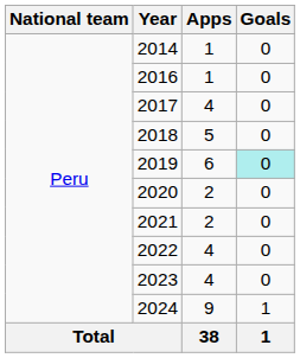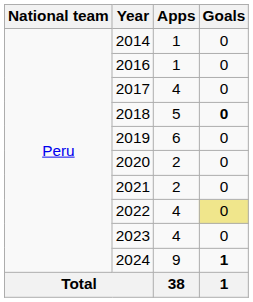 <table class="wikitable" style="text-align:center">
 <tr>
 <th>National team</th>
 <th>Year</th>
 <th>Apps</th>
 <th>Goals</th>
 </tr>
 <tr>
 <td rowspan="10"><a href='#'>Peru</a></td>
 <td>2014</td>
 <td>1</td>
 <td>0</td>
 </tr>
 <tr>
 <td>2016</td>
 <td>1</td>
 <td>0</td>
 </tr>
 <tr>
 <td>2017</td>
 <td>4</td>
 <td>0</td>
 </tr>
 <tr>
 <td>2018</td>
 <td>5</td>
-<td>0</td>
+<td><strong>0</strong></td>
 </tr>
 <tr>
 <td>2019</td>
 <td>6</td>
-<td style="background: paleturquoise;">0</td>
+<td>0</td>
 </tr>
 <tr>
 <td>2020</td>
 <td>2</td>
 <td>0</td>
 </tr>
 <tr>
 <td>2021</td>
 <td>2</td>
 <td>0</td>
 </tr>
 <tr>
 <td>2022</td>
 <td>4</td>
-<td>0</td>
+<td style="background: khaki;">0</td>
 </tr>
 <tr>
 <td>2023</td>
 <td>4</td>
 <td>0</td>
 </tr>
 <tr>
 <td>2024</td>
 <td>9</td>
-<td>1</td>
+<td><strong>1</strong></td>
 </tr>
 <tr>
 <th colspan="2">Total</th>
 <th>38</th>
 <th>1</th>
 </tr>
 </table>
